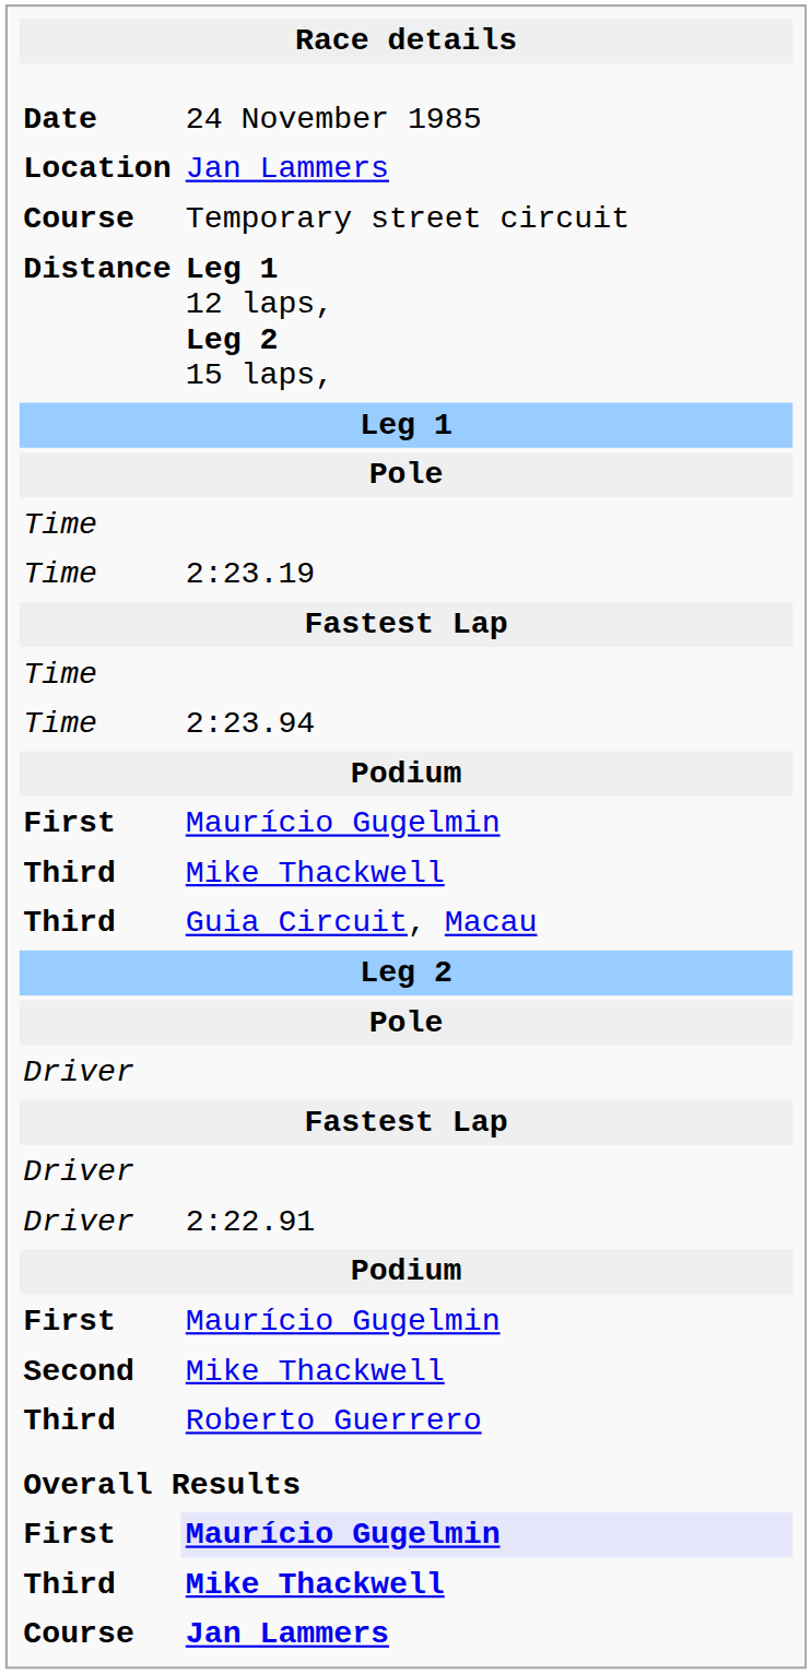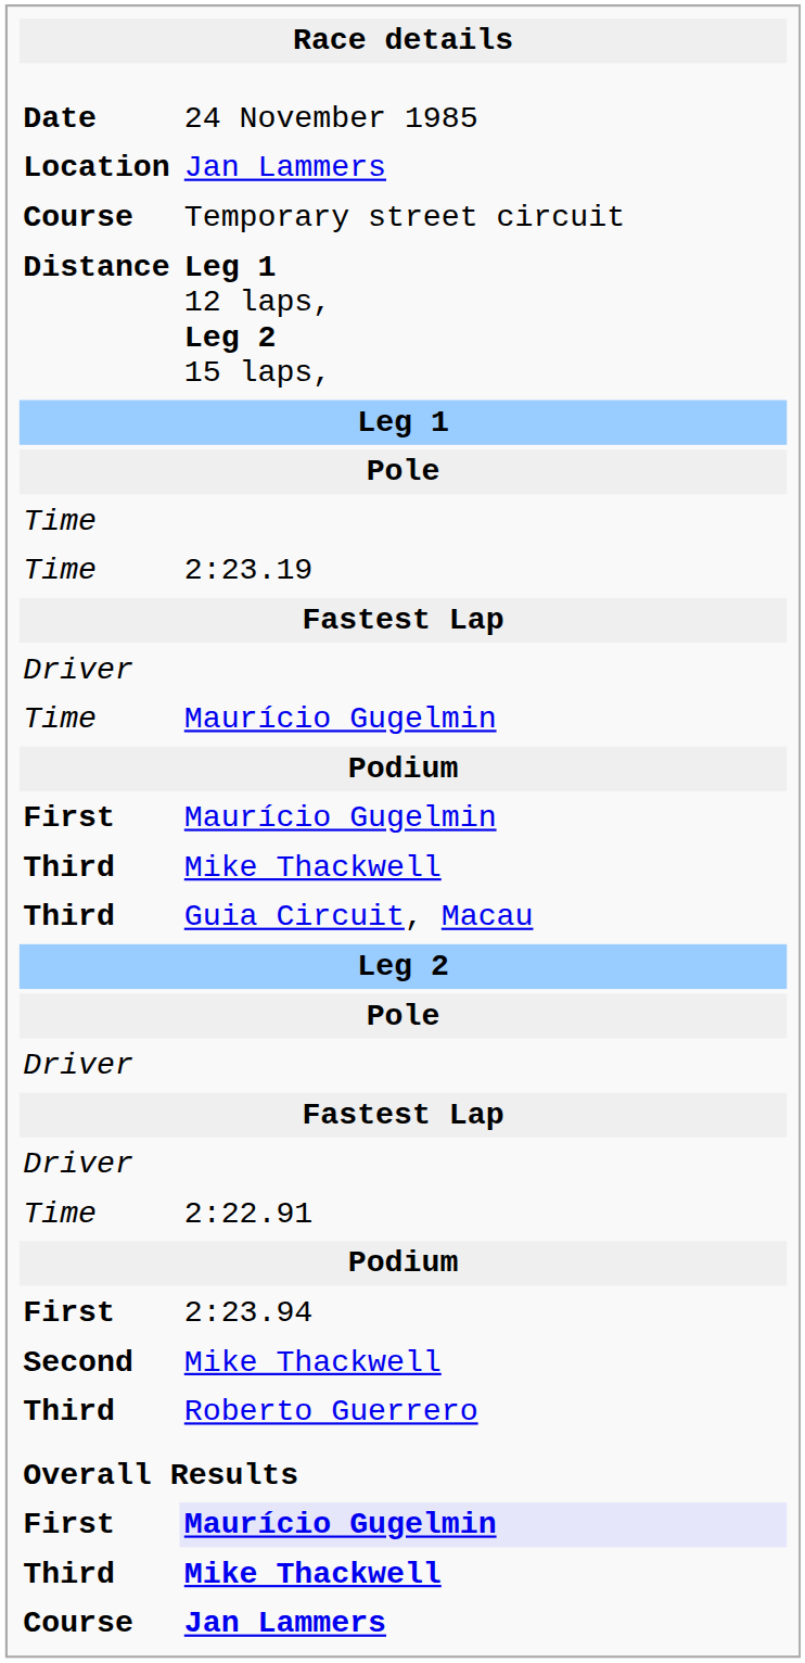 <table class="infobox" align="right" cellpadding="2" style="float:right; width: 26em; ">
 <tr>
 <th colspan="2" bgcolor="#efefef">Race details</th>
 </tr>
 <tr>
 <td colspan="2" style="text-align:center;"></td>
 </tr>
 <tr>
 <td colspan="2" style="text-align:center;"></td>
 </tr>
 <tr>
 <td style="width: 20%;"><strong>Date</strong></td>
 <td>24 November 1985</td>
 </tr>
 <tr>
 <td><strong>Location</strong></td>
 <td> <a href='#'>Jan Lammers</a></td>
 </tr>
 <tr>
 <td><strong>Course</strong></td>
 <td>Temporary street circuit<br></td>
 </tr>
 <tr>
 <td><strong>Distance</strong></td>
 <td><strong>Leg 1</strong><br>12 laps, <br><strong>Leg 2</strong><br>15 laps, </td>
 </tr>
 <tr>
 <td colspan="2" style="text-align:center; background-color:#99ccff"><strong>Leg 1</strong></td>
 </tr>
 <tr>
 <th colspan="2" bgcolor="#efefef">Pole</th>
 </tr>
 <tr>
 <td><em>Time</em></td>
 <td></td>
 </tr>
 <tr>
 <td><em>Time</em></td>
 <td>2:23.19</td>
 </tr>
 <tr>
 <th colspan="2" bgcolor="#efefef">Fastest Lap</th>
 </tr>
 <tr>
-<td><em>Time</em></td>
+<td><em>Driver</em></td>
 <td></td>
 </tr>
 <tr>
 <td><em>Time</em></td>
-<td>2:23.94</td>
+<td> <a href='#'>Maurício Gugelmin</a></td>
 </tr>
 <tr>
 <th colspan="2" bgcolor="#efefef">Podium</th>
 </tr>
 <tr>
 <td><strong>First</strong></td>
 <td> <a href='#'>Maurício Gugelmin</a></td>
 </tr>
 <tr>
 <td><strong>Third</strong></td>
 <td> <a href='#'>Mike Thackwell</a></td>
 </tr>
 <tr>
 <td><strong>Third</strong></td>
 <td><a href='#'>Guia Circuit</a>, <a href='#'>Macau</a></td>
 </tr>
 <tr>
 <td colspan="2" style="text-align:center; background-color:#99ccff"><strong>Leg 2</strong></td>
 </tr>
 <tr>
 <th colspan="2" bgcolor="#efefef">Pole</th>
 </tr>
 <tr>
 <td><em>Driver</em></td>
 <td></td>
 </tr>
 <tr>
 <th colspan="2" bgcolor="#efefef">Fastest Lap</th>
 </tr>
 <tr>
 <td><em>Driver</em></td>
 <td></td>
 </tr>
 <tr>
-<td><em>Driver</em></td>
+<td><em>Time</em></td>
 <td>2:22.91</td>
 </tr>
 <tr>
 <th colspan="2" bgcolor="#efefef">Podium</th>
 </tr>
 <tr>
 <td><strong>First</strong></td>
-<td> <a href='#'>Maurício Gugelmin</a></td>
+<td>2:23.94</td>
 </tr>
 <tr>
 <td><strong>Second</strong></td>
 <td> <a href='#'>Mike Thackwell</a></td>
 </tr>
 <tr>
 <td><strong>Third</strong></td>
 <td> <a href='#'>Roberto Guerrero</a></td>
 </tr>
 <tr>
 <td colspan="2"></td>
 </tr>
 <tr>
 <td colspan="2"><strong>Overall Results</strong></td>
 </tr>
 <tr>
 <td><strong>First</strong></td>
 <td style="background: lavender;"><strong> <a href='#'>Maurício Gugelmin</a></strong></td>
 </tr>
 <tr>
 <td><strong>Third</strong></td>
 <td><strong> <a href='#'>Mike Thackwell</a></strong></td>
 </tr>
 <tr>
 <td><strong>Course</strong></td>
 <td><strong> <a href='#'>Jan Lammers</a></strong></td>
 </tr>
 </table>
